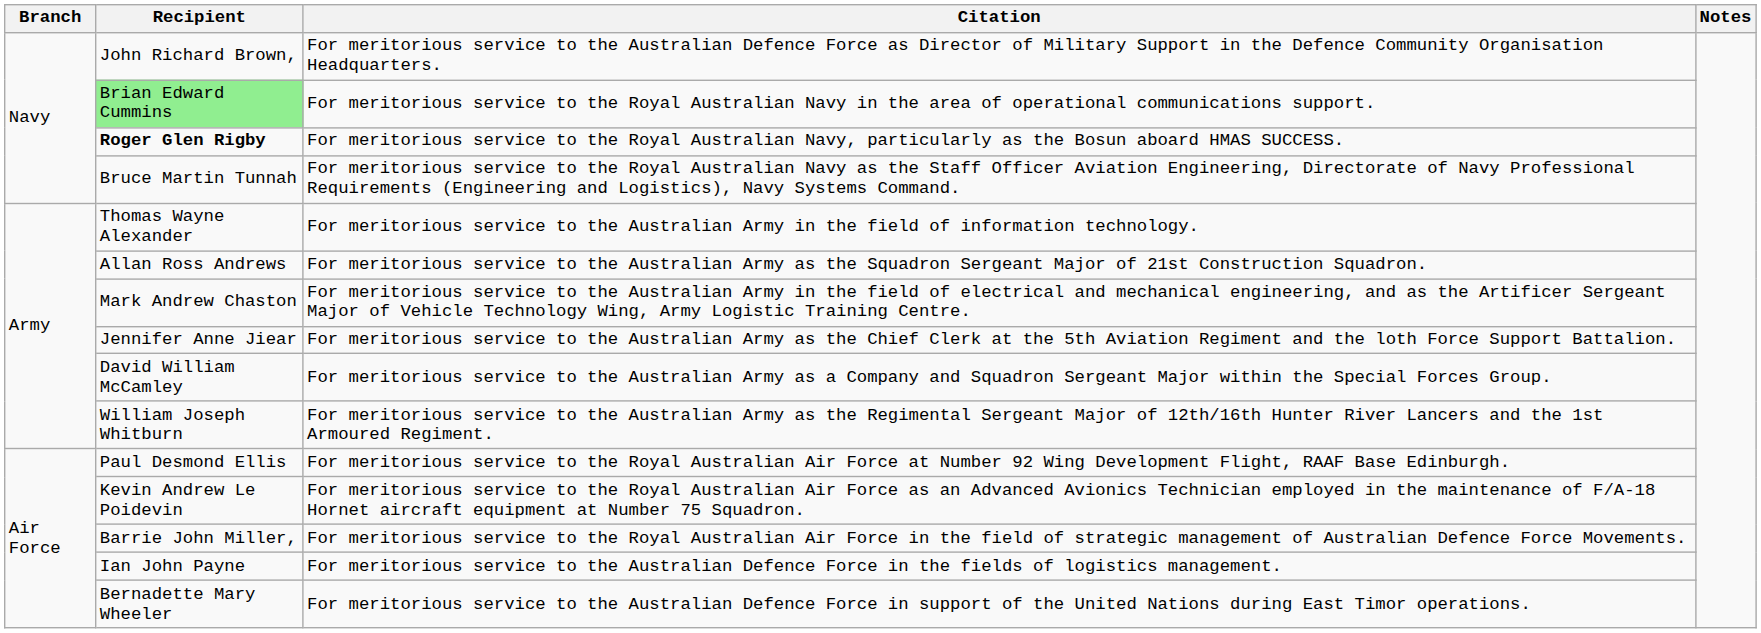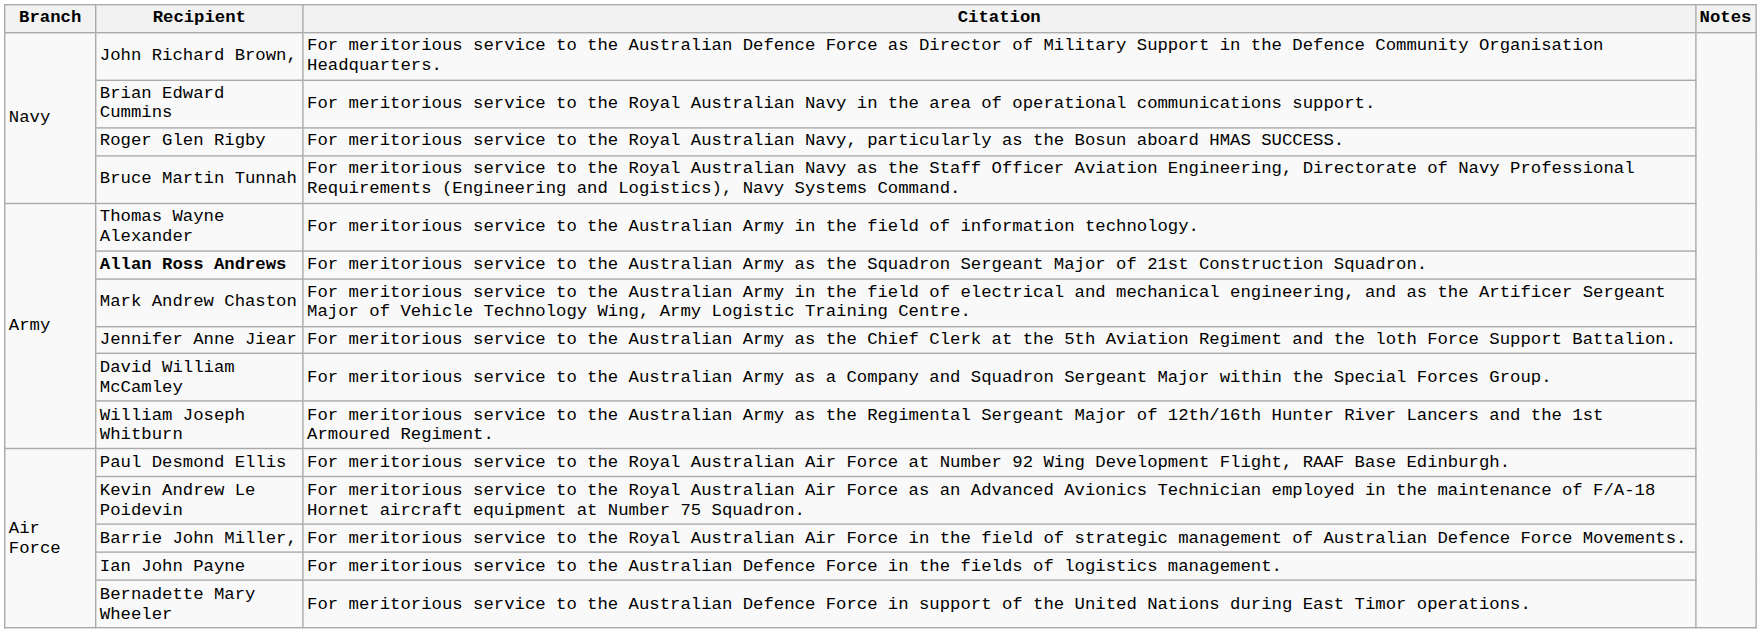 <table class="wikitable" style="font-size:95%;">
 <tr>
 <th>Branch</th>
 <th>Recipient</th>
 <th>Citation</th>
 <th>Notes</th>
 </tr>
 <tr>
 <td rowspan=4>Navy</td>
 <td> John Richard Brown, </td>
 <td>For meritorious service to the Australian Defence Force as Director of Military Support in the Defence Community Organisation Headquarters.</td>
 <td rowspan=15></td>
 </tr>
 <tr>
-<td style="background: lightgreen;"> Brian Edward Cummins</td>
+<td> Brian Edward Cummins</td>
 <td>For meritorious service to the Royal Australian Navy in the area of operational communications support.</td>
 </tr>
 <tr>
-<td><strong> Roger Glen Rigby</strong></td>
+<td> Roger Glen Rigby</td>
 <td>For meritorious service to the Royal Australian Navy, particularly as the Bosun aboard HMAS SUCCESS.</td>
 </tr>
 <tr>
 <td> Bruce Martin Tunnah</td>
 <td>For meritorious service to the Royal Australian Navy as the Staff Officer Aviation Engineering, Directorate of Navy Professional Requirements (Engineering and Logistics), Navy Systems Command.</td>
 </tr>
 <tr>
 <td rowspan=6>Army</td>
 <td> Thomas Wayne Alexander</td>
 <td>For meritorious service to the Australian Army in the field of information technology.</td>
 </tr>
 <tr>
-<td> Allan Ross Andrews</td>
+<td><strong> Allan Ross Andrews</strong></td>
 <td>For meritorious service to the Australian Army as the Squadron Sergeant Major of 21st Construction Squadron.</td>
 </tr>
 <tr>
 <td> Mark Andrew Chaston</td>
 <td>For meritorious service to the Australian Army in the field of electrical and mechanical engineering, and as the Artificer Sergeant Major of Vehicle Technology Wing, Army Logistic Training Centre.</td>
 </tr>
 <tr>
 <td> Jennifer Anne Jiear</td>
 <td>For meritorious service to the Australian Army as the Chief Clerk at the 5th Aviation Regiment and the loth Force Support Battalion.</td>
 </tr>
 <tr>
 <td> David William McCamley</td>
 <td>For meritorious service to the Australian Army as a Company and Squadron Sergeant Major within the Special Forces Group.</td>
 </tr>
 <tr>
 <td> William Joseph Whitburn</td>
 <td>For meritorious service to the Australian Army as the Regimental Sergeant Major of 12th/16th Hunter River Lancers and the 1st Armoured Regiment.</td>
 </tr>
 <tr>
 <td rowspan=5>Air Force</td>
 <td> Paul Desmond Ellis</td>
 <td>For meritorious service to the Royal Australian Air Force at Number 92 Wing Development Flight, RAAF Base Edinburgh.</td>
 </tr>
 <tr>
 <td> Kevin Andrew Le Poidevin</td>
 <td>For meritorious service to the Royal Australian Air Force as an Advanced Avionics Technician employed in the maintenance of F/A-18 Hornet aircraft equipment at Number 75 Squadron.</td>
 </tr>
 <tr>
 <td> Barrie John Miller, </td>
 <td>For meritorious service to the Royal Australian Air Force in the field of strategic management of Australian Defence Force Movements.</td>
 </tr>
 <tr>
 <td> Ian John Payne</td>
 <td>For meritorious service to the Australian Defence Force in the fields of logistics management.</td>
 </tr>
 <tr>
 <td> Bernadette Mary Wheeler</td>
 <td>For meritorious service to the Australian Defence Force in support of the United Nations during East Timor operations.</td>
 </tr>
 </table>
